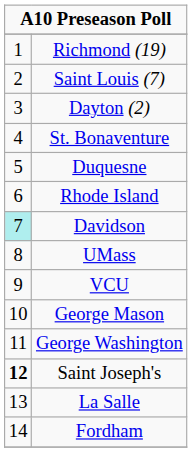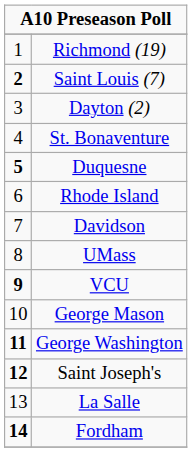 <table class="wikitable" style="display: inline-table;">
 <tr>
 <td align="center" Colspan="3"><strong>A10 Preseason Poll</strong></td>
 </tr>
 <tr align="center">
 </tr>
 <tr align="center">
 <td>1</td>
 <td><a href='#'>Richmond</a> <em>(19)</em></td>
 </tr>
 <tr align="center">
-<td>2</td>
+<td><strong>2</strong></td>
 <td><a href='#'>Saint Louis</a> <em>(7)</em></td>
 </tr>
 <tr align="center">
 <td>3</td>
 <td><a href='#'>Dayton</a> <em>(2)</em></td>
 </tr>
 <tr align="center">
 <td>4</td>
 <td><a href='#'>St. Bonaventure</a></td>
 </tr>
 <tr align="center">
-<td>5</td>
+<td><strong>5</strong></td>
 <td><a href='#'>Duquesne</a></td>
 </tr>
 <tr align="center">
 <td>6</td>
 <td><a href='#'>Rhode Island</a></td>
 </tr>
 <tr align="center">
-<td style="background: paleturquoise;">7</td>
+<td>7</td>
 <td><a href='#'>Davidson</a></td>
 </tr>
 <tr align="center">
 <td>8</td>
 <td><a href='#'>UMass</a></td>
 </tr>
 <tr align="center">
-<td>9</td>
+<td><strong>9</strong></td>
 <td><a href='#'>VCU</a></td>
 </tr>
 <tr align="center">
 <td>10</td>
 <td><a href='#'>George Mason</a></td>
 </tr>
 <tr align="center">
-<td>11</td>
+<td><strong>11</strong></td>
 <td><a href='#'>George Washington</a></td>
 </tr>
 <tr align="center">
 <td><strong>12</strong></td>
 <td>Saint Joseph's</td>
 </tr>
 <tr align="center">
 <td>13</td>
 <td><a href='#'>La Salle</a></td>
 </tr>
 <tr align="center">
-<td>14</td>
+<td><strong>14</strong></td>
 <td><a href='#'>Fordham</a></td>
 </tr>
 <tr>
 </tr>
 </table>
